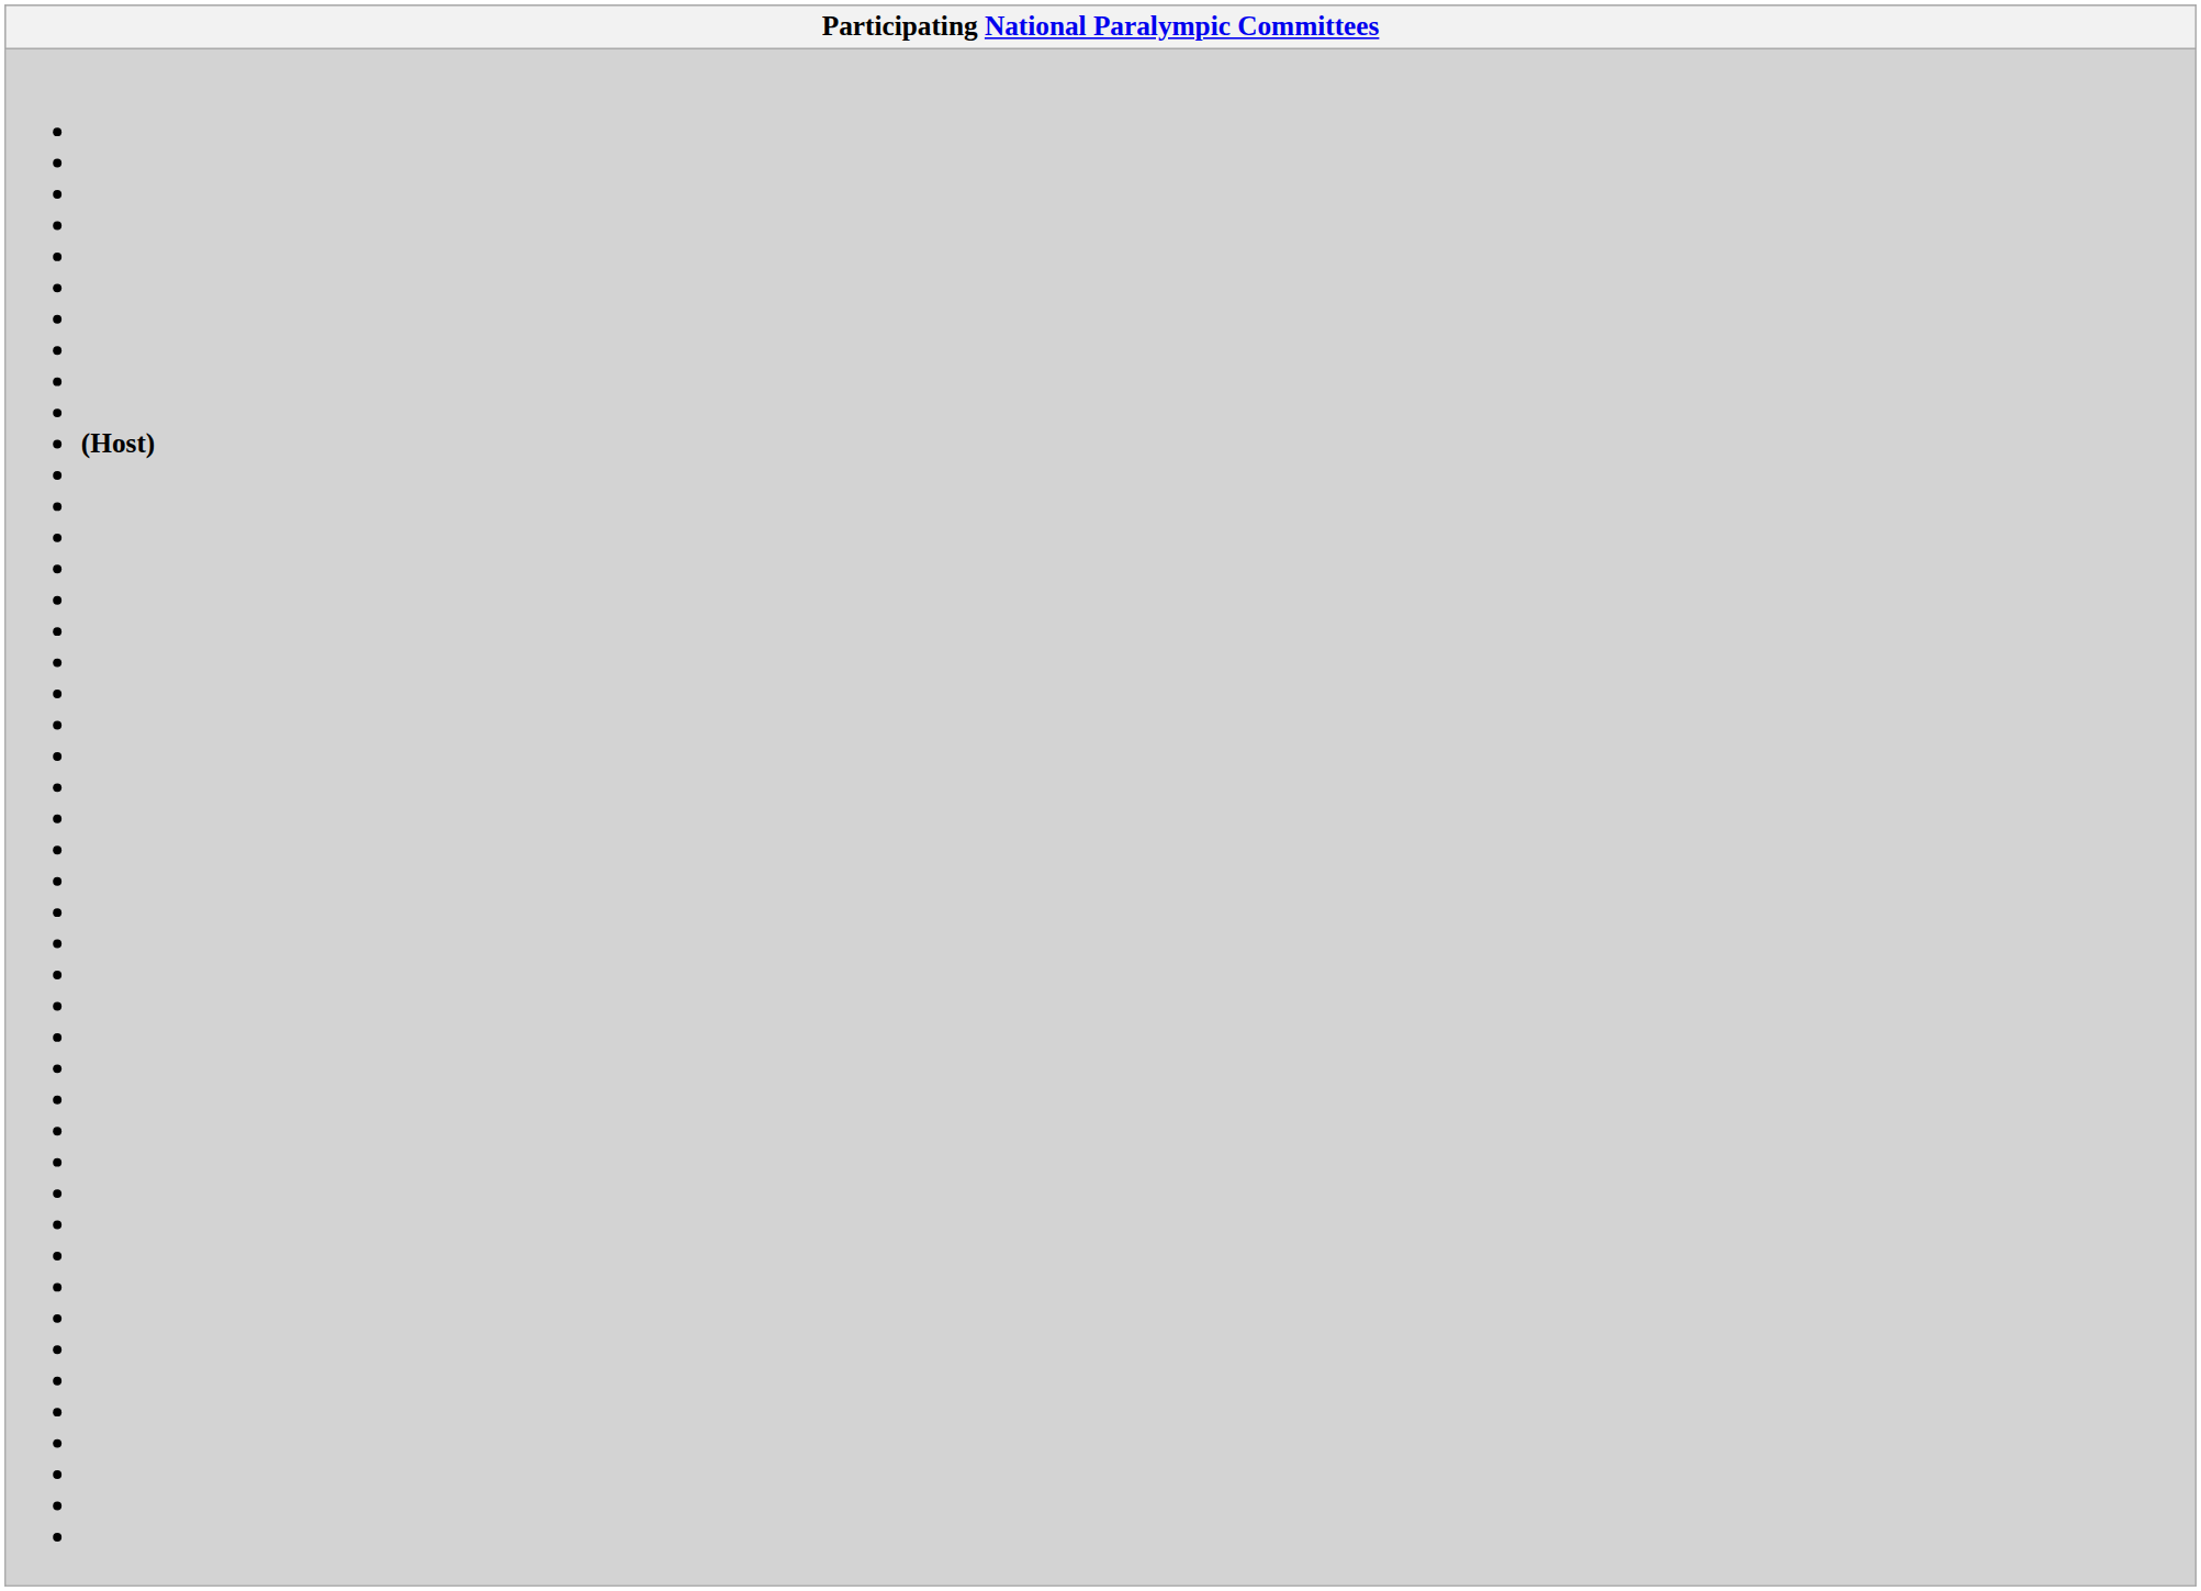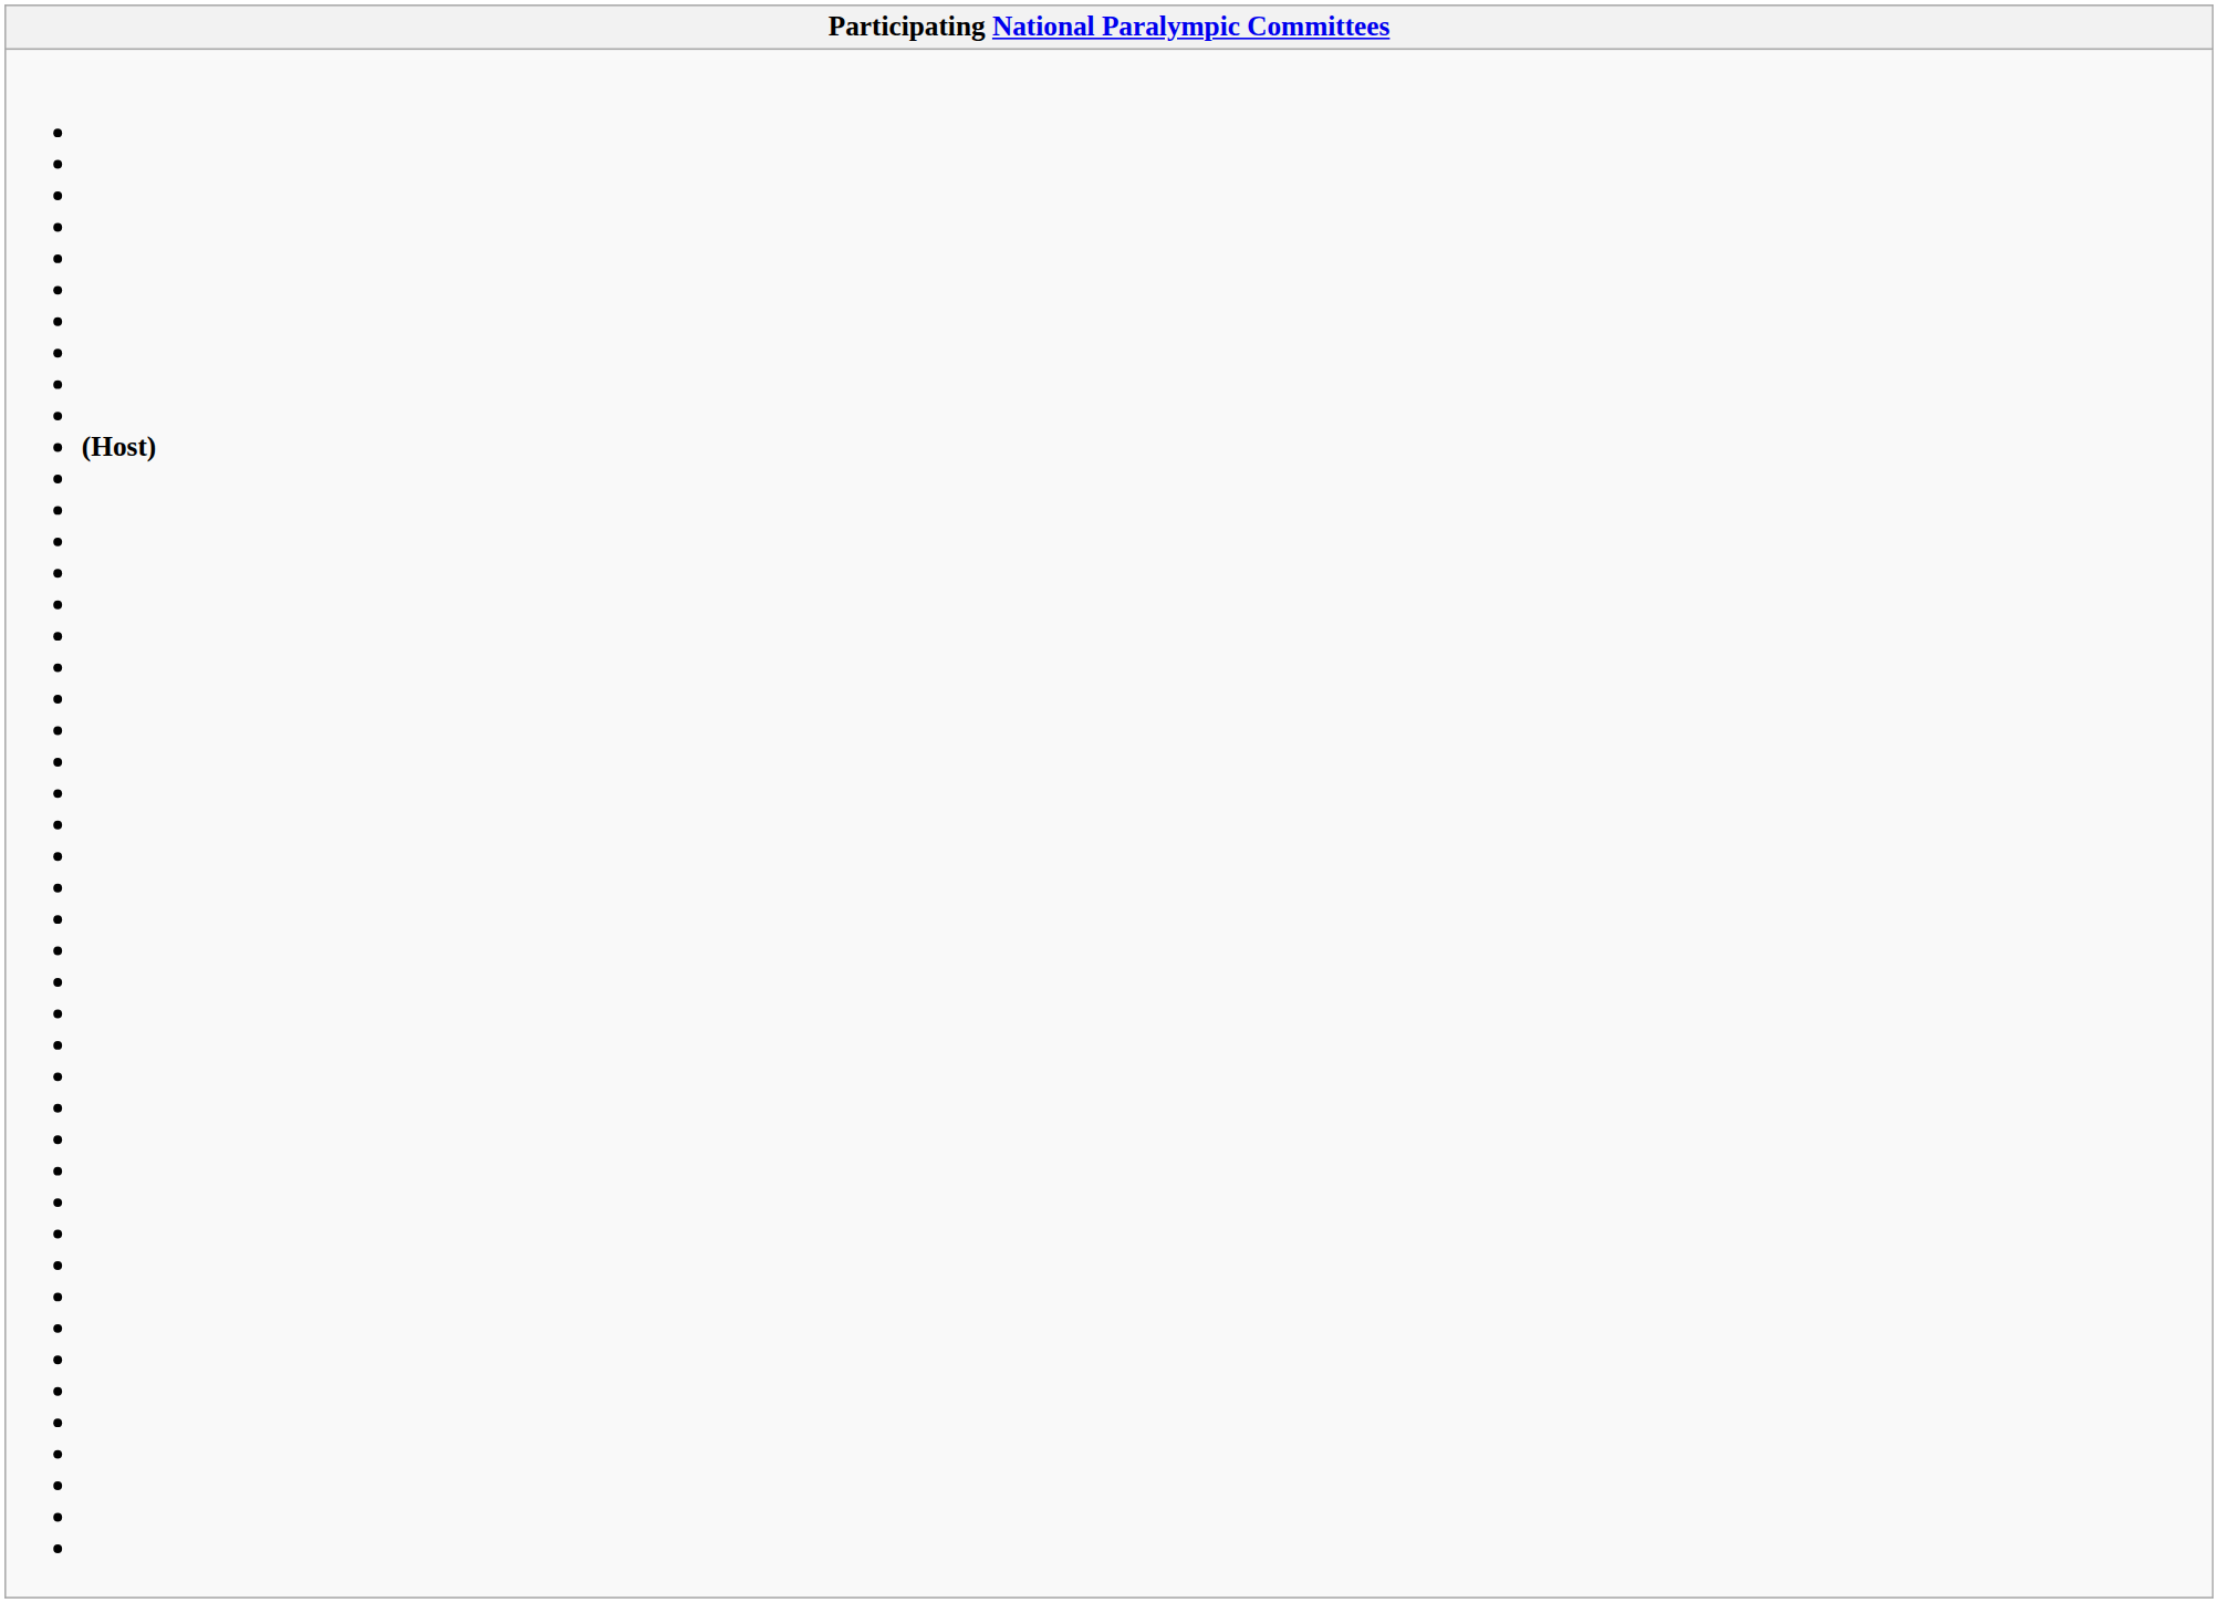 <table class="wikitable collapsible" style="width:100%;">
 <tr>
 <th>Participating <a href='#'>National Paralympic Committees</a></th>
 </tr>
 <tr>
-<td style="background: lightgrey;"><br><ul><li></li><li></li><li></li><li></li><li></li><li></li><li></li><li></li><li></li><li></li><li> <strong>(Host)</strong></li><li></li><li></li><li></li><li></li><li></li><li></li><li></li><li></li><li></li><li></li><li></li><li></li><li></li><li></li><li></li><li></li><li></li><li></li><li></li><li></li><li></li><li></li><li></li><li></li><li></li><li></li><li></li><li></li><li></li><li></li><li></li><li></li><li></li><li></li><li></li></ul></td>
+<td><br><ul><li></li><li></li><li></li><li></li><li></li><li></li><li></li><li></li><li></li><li></li><li> <strong>(Host)</strong></li><li></li><li></li><li></li><li></li><li></li><li></li><li></li><li></li><li></li><li></li><li></li><li></li><li></li><li></li><li></li><li></li><li></li><li></li><li></li><li></li><li></li><li></li><li></li><li></li><li></li><li></li><li></li><li></li><li></li><li></li><li></li><li></li><li></li><li></li><li></li></ul></td>
 </tr>
 </table>
